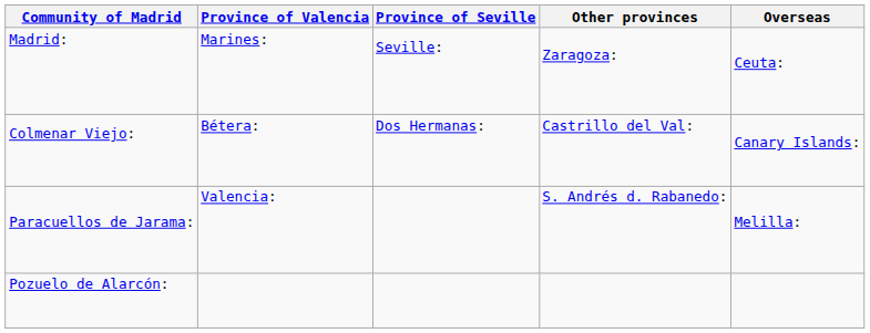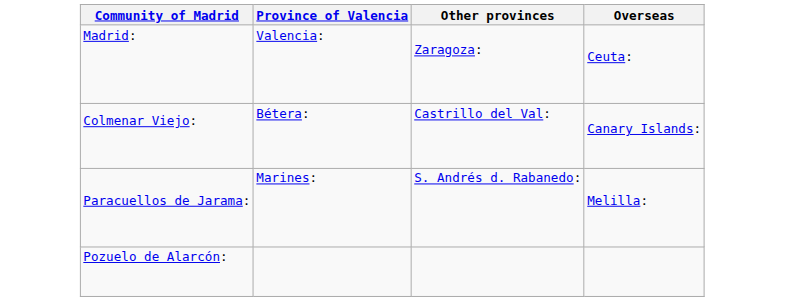 <table class="wikitable" style="margin-left: auto; margin-right: auto; border: none;">
 <tr>
 <th><a href='#'>Community of Madrid</a></th>
 <th><a href='#'>Province of Valencia</a></th>
-<th><a href='#'>Province of Seville</a></th>
 <th>Other provinces</th>
 <th>Overseas</th>
 </tr>
 <tr>
 <td><a href='#'>Madrid</a>:<br><br> <strong><small></small></strong> <small></small><br>  <small></small><br>  <small></small><br></td>
-<td><a href='#'>Marines</a>:<br><br> <small></small><br>  <small></small><br>  <small></small><br>  <small></small></td>
-<td><a href='#'>Seville</a>:<br><br> <small></small><br>  <small></small><br>  <small></small></td>
+<td><a href='#'>Valencia</a>:<br><br> <small></small><br>  <small></small><br>  <small></small><br>  <small></small></td>
 <td><a href='#'>Zaragoza</a>:<br><br> <small></small> <small></small> <small></small><br>  <small></small></td>
 <td><a href='#'>Ceuta</a>:<br><br> <small></small></td>
 </tr>
 <tr>
 <td><a href='#'>Colmenar Viejo</a>:<br><br> <small></small> <strong><small></small><br></strong> <small></small></td>
 <td><a href='#'>Bétera</a>:<br><br> <strong><small></small><br></strong>  <small></small><br>  <small></small></td>
-<td><a href='#'>Dos Hermanas</a>:<br><br> <small></small><br>  <small></small><br>  <small></small></td>
 <td><a href='#'>Castrillo del Val</a>:<br><br> <small></small><br>  <small></small><br>  <small></small></td>
 <td><a href='#'>Canary Islands</a>:<br><br> <small></small></td>
 </tr>
 <tr>
 <td><a href='#'>Paracuellos de Jarama</a>:<br><br> <small></small></td>
-<td><a href='#'>Valencia</a>:<br><br> <small></small><br>  <small></small><br>  <small></small><br>  <small></small></td>
-<td></td>
+<td><a href='#'>Marines</a>:<br><br> <small></small><br>  <small></small><br>  <small></small><br>  <small></small></td>
 <td><a href='#'>S. Andrés d. Rabanedo</a>:<br><br> <strong><small></small><br></strong>  <small></small><br>  <small></small><br>  <small></small></td>
 <td><a href='#'>Melilla</a>:<br><br> <small></small></td>
 </tr>
 <tr>
 <td><a href='#'>Pozuelo de Alarcón</a>:<br><br> <small></small><br>  <small></small></td>
 <td></td>
 <td></td>
 <td></td>
-<td></td>
 </tr>
 </table>
